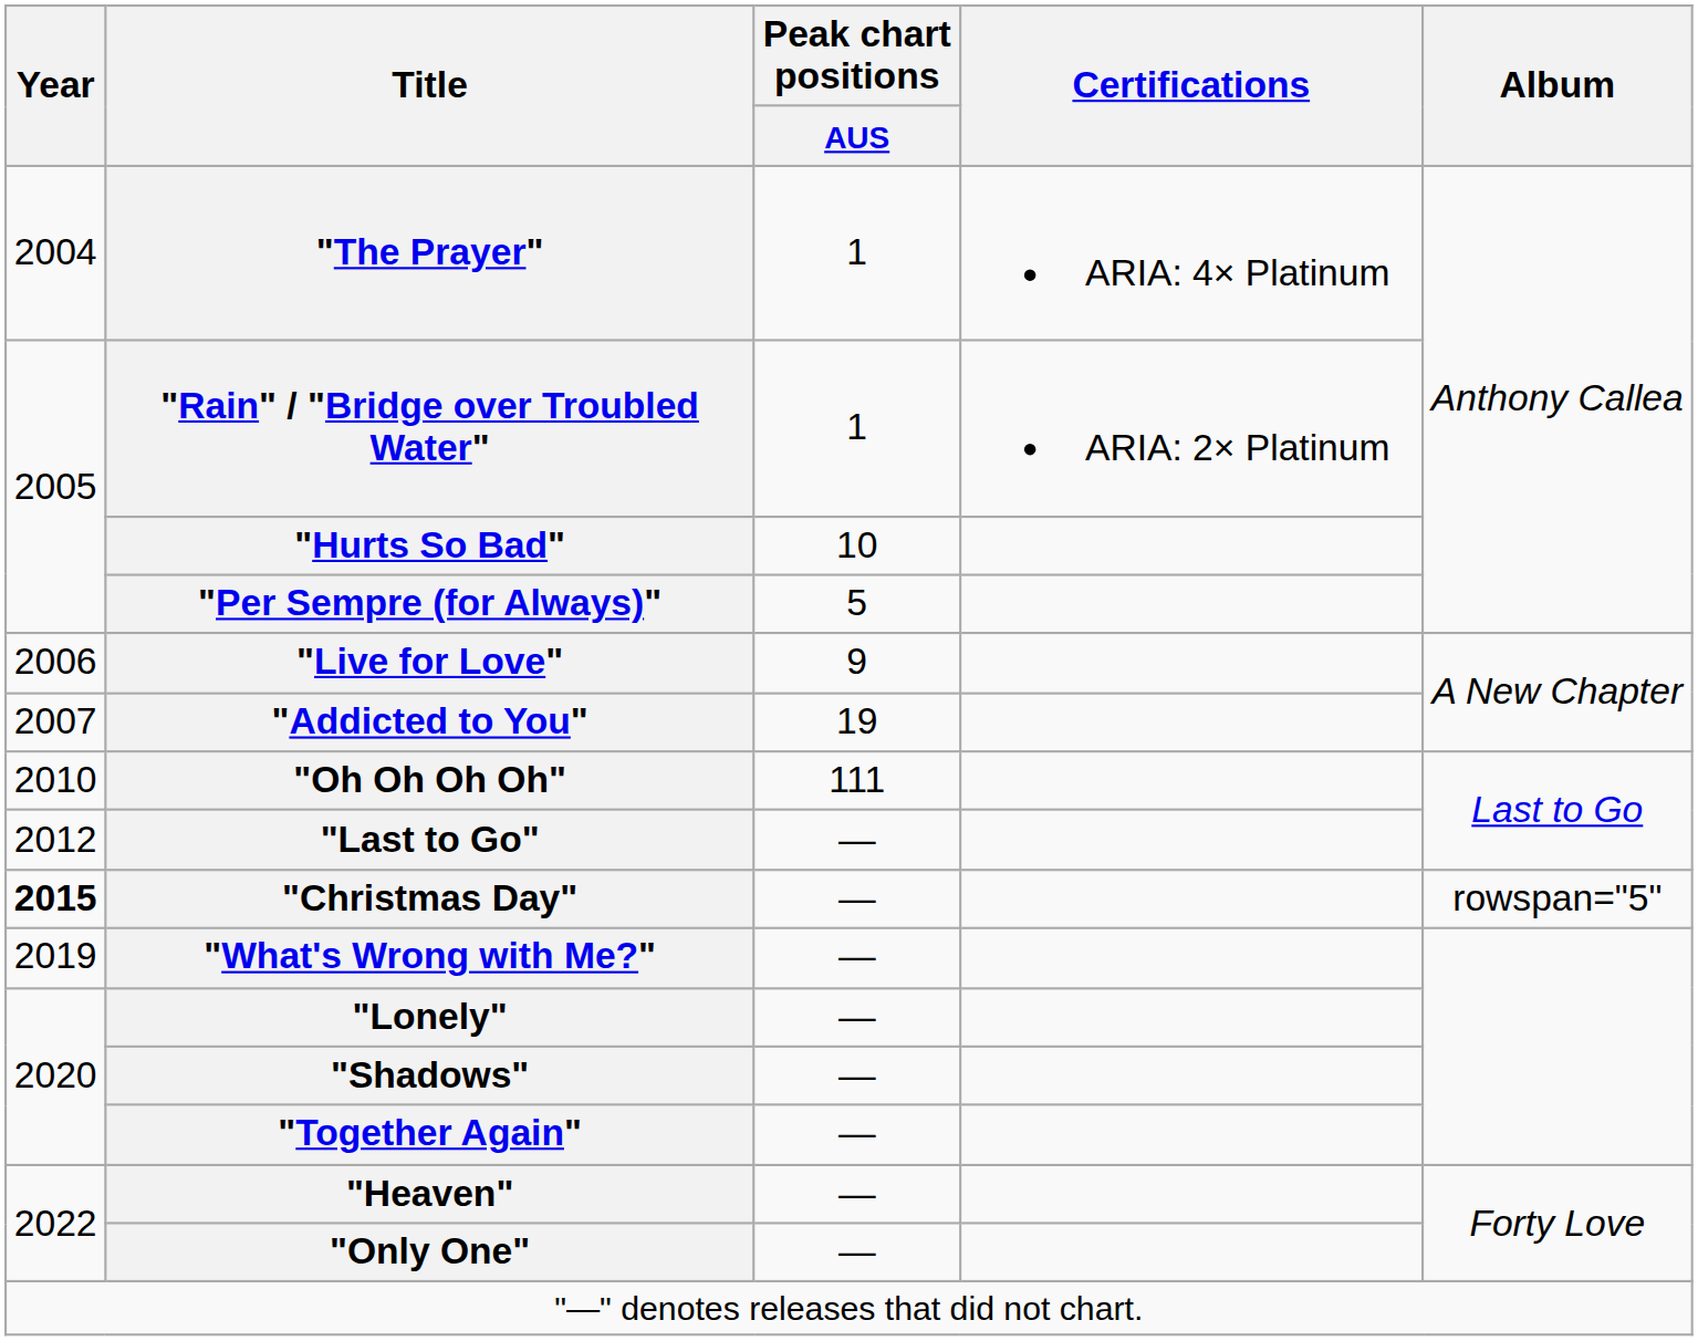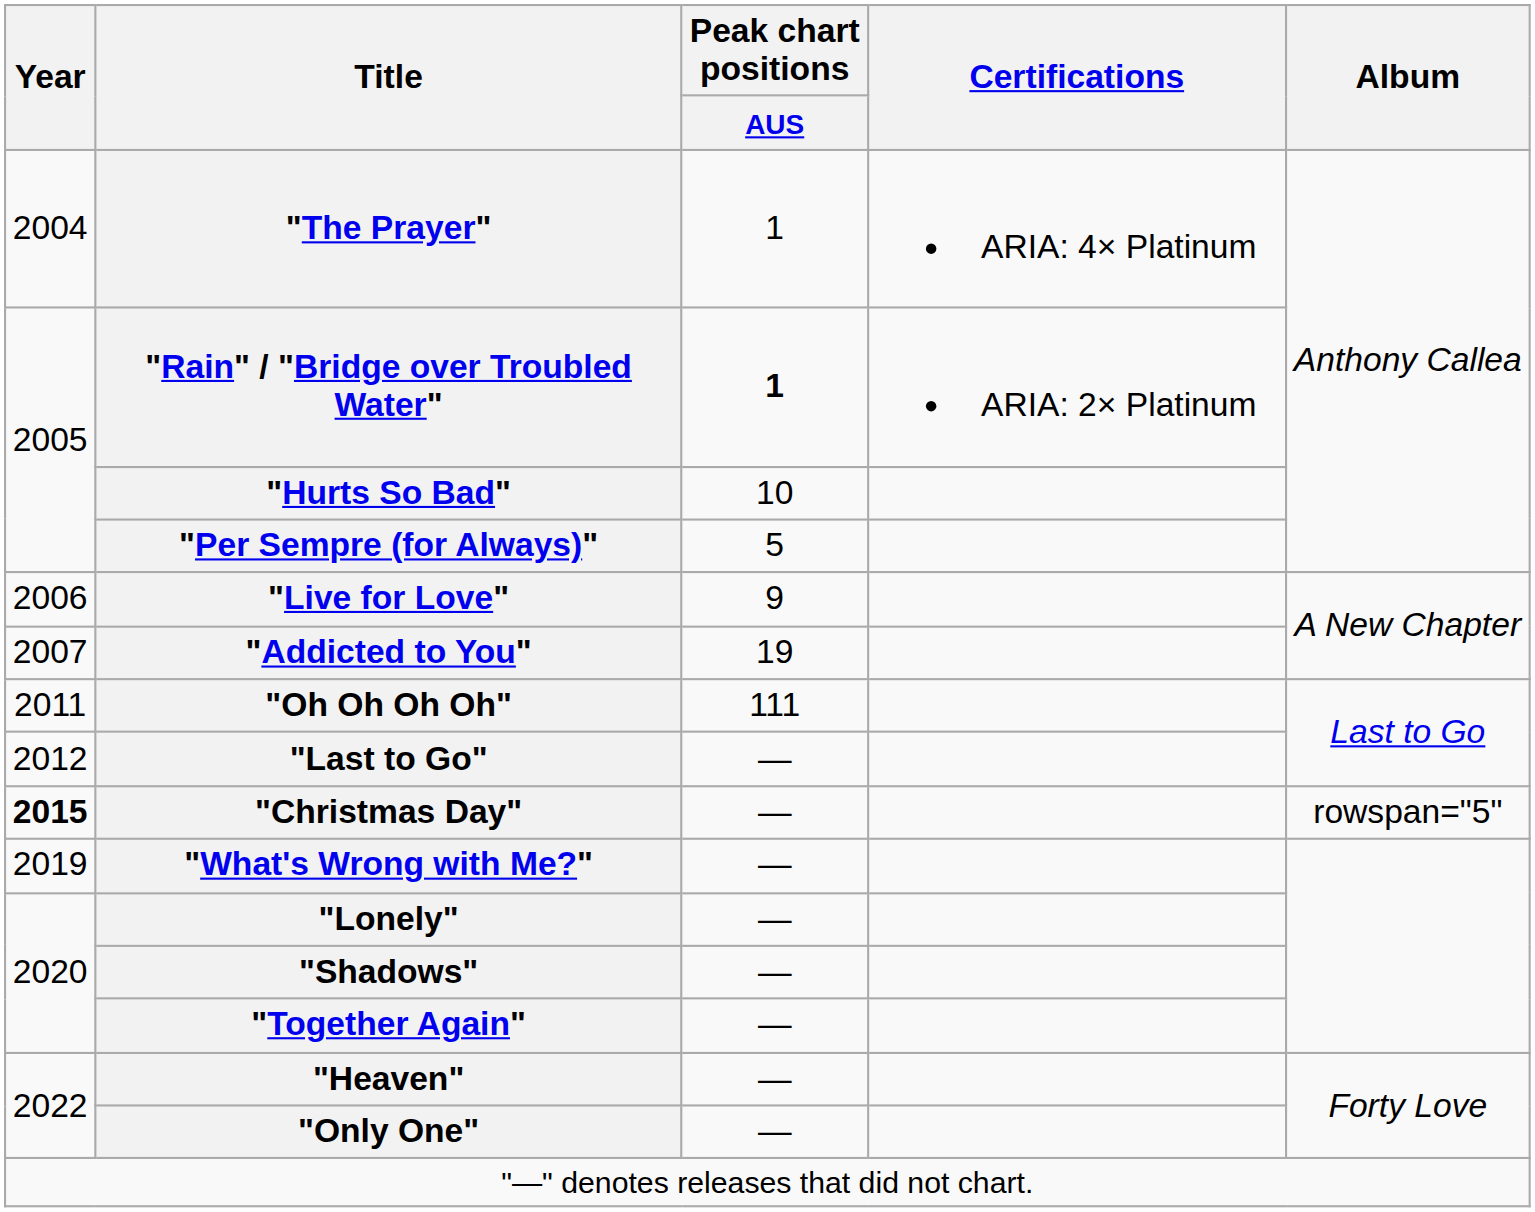 <table class="wikitable plainrowheaders" style="text-align:center;">
 <tr>
 <th scope="col" rowspan="2">Year</th>
 <th scope="col" rowspan="2" style="width:17em;">Title</th>
 <th scope="col">Peak chart<br>positions</th>
 <th scope="col" rowspan="2" style="width:12em;"><a href='#'>Certifications</a></th>
 <th scope="col" rowspan="2">Album</th>
 </tr>
 <tr>
 <th scope="col" style="text-align:center;"><small><a href='#'>AUS</a></small><br></th>
 </tr>
 <tr>
 <td>2004</td>
 <th scope="row">"<a href='#'>The Prayer</a>"</th>
 <td>1</td>
 <td><br><ul><li>ARIA: 4× Platinum</li></ul></td>
 <td rowspan="4"><em>Anthony Callea</em></td>
 </tr>
 <tr>
 <td rowspan="3">2005</td>
 <th scope="row">"<a href='#'>Rain</a>" / "<a href='#'>Bridge over Troubled Water</a>"</th>
-<td>1</td>
+<td><strong>1</strong></td>
 <td><br><ul><li>ARIA: 2× Platinum</li></ul></td>
 </tr>
 <tr>
 <th scope="row">"<a href='#'>Hurts So Bad</a>"</th>
 <td>10</td>
 <td></td>
 </tr>
 <tr>
 <th scope="row">"<a href='#'>Per Sempre (for Always)</a>"</th>
 <td>5</td>
 <td></td>
 </tr>
 <tr>
 <td>2006</td>
 <th scope="row">"<a href='#'>Live for Love</a>"</th>
 <td>9</td>
 <td></td>
 <td rowspan="2"><em>A New Chapter</em></td>
 </tr>
 <tr>
 <td>2007</td>
 <th scope="row">"<a href='#'>Addicted to You</a>"</th>
 <td>19</td>
 <td></td>
 </tr>
 <tr>
-<td>2010</td>
+<td>2011</td>
 <th scope="row">"Oh Oh Oh Oh"</th>
 <td>111</td>
 <td></td>
 <td rowspan="2"><em><a href='#'>Last to Go</a></em></td>
 </tr>
 <tr>
 <td>2012</td>
 <th scope="row">"Last to Go"</th>
 <td>—</td>
 </tr>
 <tr>
 <td><strong>2015</strong></td>
 <th scope="row">"Christmas Day"</th>
 <td>—</td>
 <td></td>
 <td>rowspan="5" </td>
 </tr>
 <tr>
 <td>2019</td>
 <th scope="row">"<a href='#'>What's Wrong with Me?</a>"</th>
 <td>—</td>
 <td></td>
 </tr>
 <tr>
 <td rowspan="3">2020</td>
 <th scope="row">"Lonely"</th>
 <td>—</td>
 <td></td>
 </tr>
 <tr>
 <th scope="row">"Shadows"</th>
 <td>—</td>
 <td></td>
 </tr>
 <tr>
 <th scope="row">"<a href='#'>Together Again</a>" <br> </th>
 <td>—</td>
 <td></td>
 </tr>
 <tr>
 <td rowspan="2">2022</td>
 <th scope="row">"Heaven"</th>
 <td>—</td>
 <td></td>
 <td rowspan="2"><em>Forty Love</em></td>
 </tr>
 <tr>
 <th scope="row">"Only One"</th>
 <td>—</td>
 <td></td>
 </tr>
 <tr>
 <td colspan="6" style="text-align:center; font-size:90%;">"—" denotes releases that did not chart.</td>
 </tr>
 </table>
